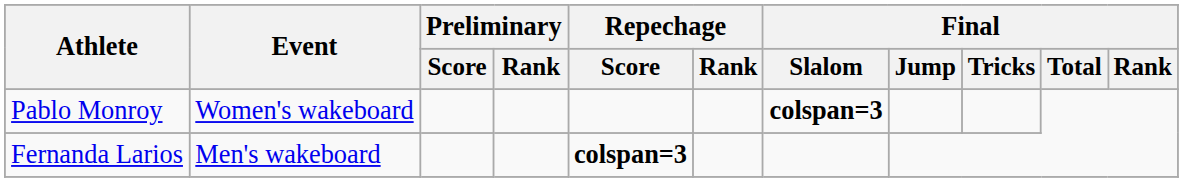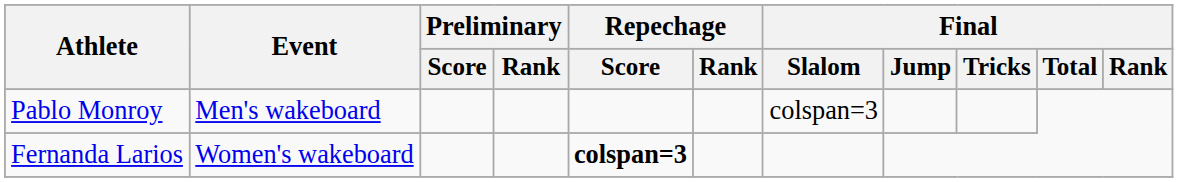 <table class=wikitable style=font-size:90%;text-align:center>
 <tr>
 <th rowspan=2>Athlete</th>
 <th rowspan=2>Event</th>
 <th colspan=2>Preliminary</th>
 <th colspan=2>Repechage</th>
 <th colspan=5>Final</th>
 </tr>
 <tr style=font-size:95%>
 <th>Score</th>
 <th>Rank</th>
 <th>Score</th>
 <th>Rank</th>
 <th>Slalom</th>
 <th>Jump</th>
 <th>Tricks</th>
 <th>Total</th>
 <th>Rank</th>
 </tr>
 <tr>
 <td align=left><a href='#'>Pablo Monroy</a></td>
-<td align=left><a href='#'>Women's wakeboard</a></td>
+<td align=left><a href='#'>Men's wakeboard</a></td>
 <td></td>
 <td></td>
 <td></td>
 <td></td>
-<td><strong>colspan=3 </strong></td>
+<td>colspan=3 </td>
 <td></td>
 <td></td>
 </tr>
 <tr>
 <td align=left><a href='#'>Fernanda Larios</a></td>
-<td align=left><a href='#'>Men's wakeboard</a></td>
+<td align=left><a href='#'>Women's wakeboard</a></td>
 <td></td>
 <td></td>
 <td><strong>colspan=3 </strong></td>
 <td></td>
 <td></td>
 </tr>
 </table>
